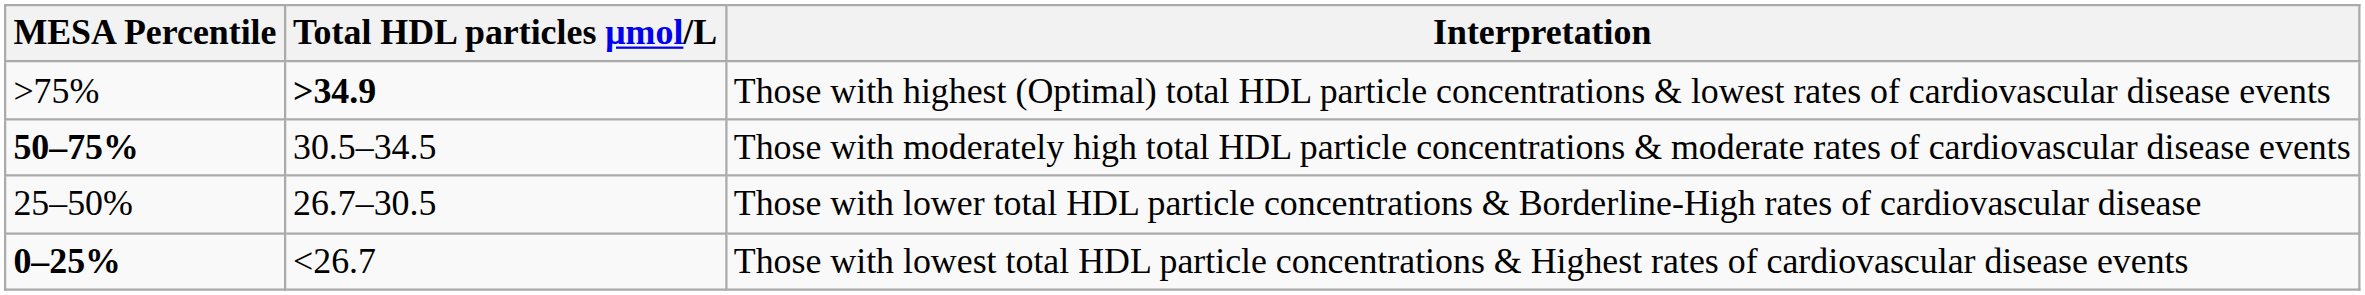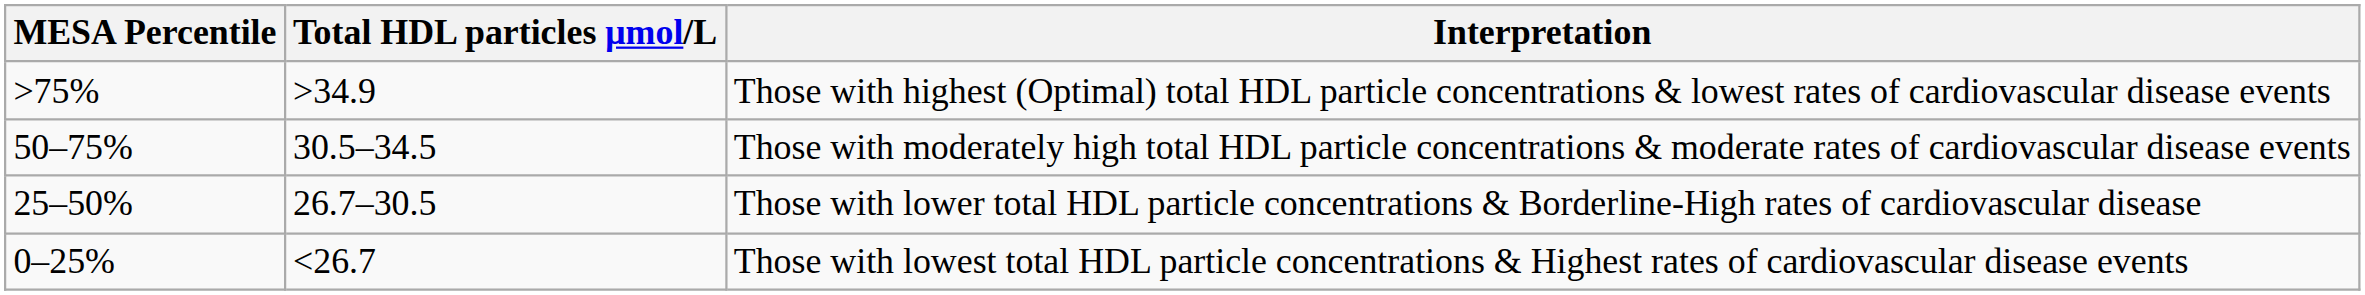 <table class="wikitable">
 <tr>
 <th>MESA Percentile</th>
 <th>Total HDL particles <a href='#'>μmol</a>/L</th>
 <th>Interpretation</th>
 </tr>
 <tr>
 <td>>75%</td>
-<td><strong>>34.9</strong></td>
+<td>>34.9</td>
 <td>Those with highest (Optimal) total HDL particle concentrations & lowest rates of cardiovascular disease events</td>
 </tr>
 <tr>
-<td><strong>50–75%</strong></td>
+<td>50–75%</td>
 <td>30.5–34.5</td>
 <td>Those with moderately high total HDL particle concentrations & moderate rates of cardiovascular disease events</td>
 </tr>
 <tr>
 <td>25–50%</td>
 <td>26.7–30.5</td>
 <td>Those with lower total HDL particle concentrations & Borderline-High rates of cardiovascular disease</td>
 </tr>
 <tr>
-<td><strong>0–25%</strong></td>
+<td>0–25%</td>
 <td><26.7</td>
 <td>Those with lowest total HDL particle concentrations & Highest rates of cardiovascular disease events</td>
 </tr>
 </table>
